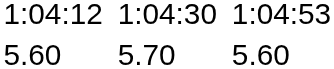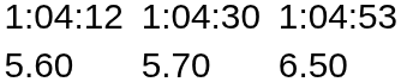 <table>
 <tr>
 <td></td>
 <td></td>
 <td>1:04:12</td>
 <td></td>
 <td>1:04:30</td>
 <td></td>
 <td>1:04:53</td>
 </tr>
 <tr>
 <td></td>
 <td></td>
 <td>5.60</td>
 <td></td>
 <td>5.70</td>
 <td></td>
-<td>5.60</td>
+<td>6.50</td>
 </tr>
 <tr>
 </tr>
 </table>
